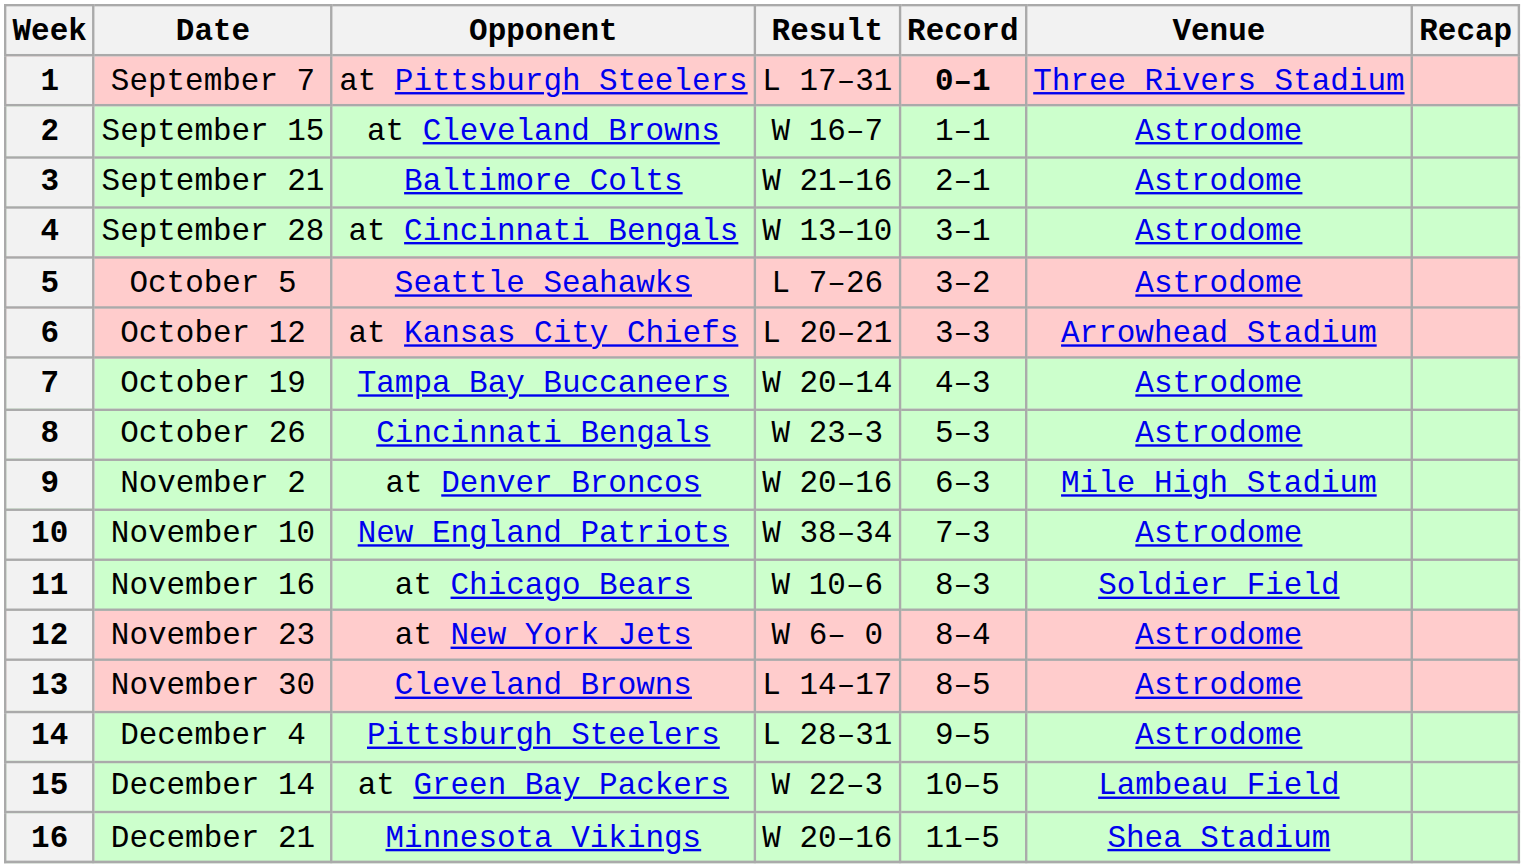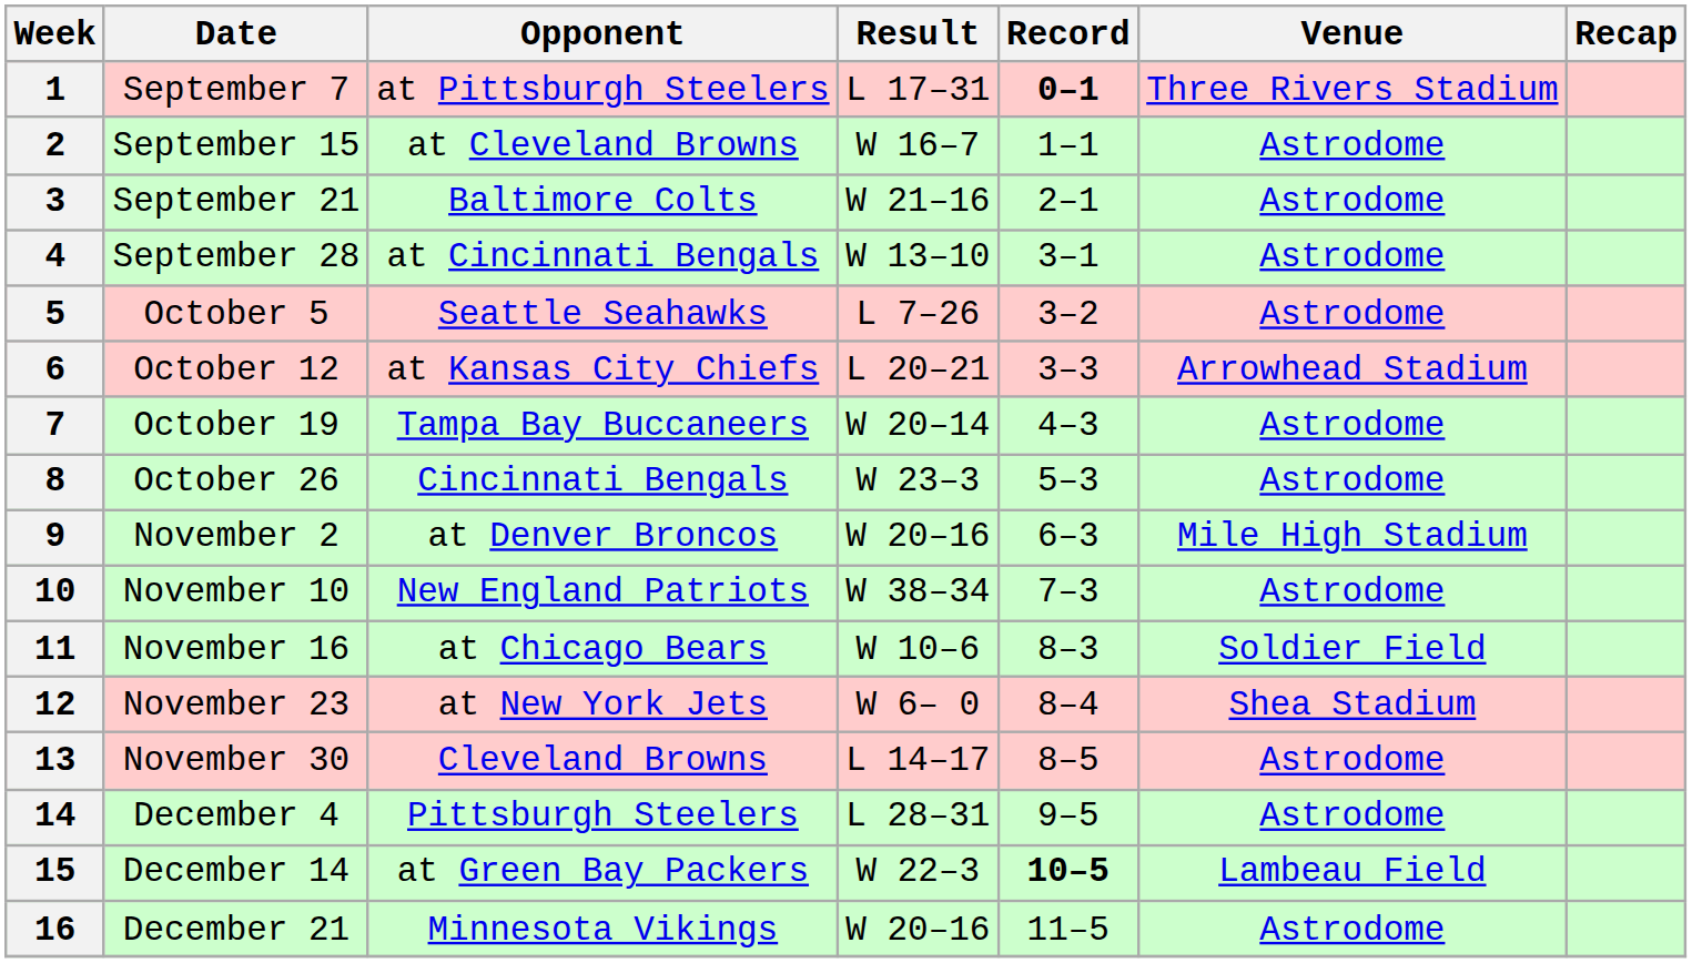 <table class="wikitable" style="text-align:center">
 <tr>
 <th>Week</th>
 <th>Date</th>
 <th>Opponent</th>
 <th>Result</th>
 <th>Record</th>
 <th>Venue</th>
 <th>Recap</th>
 </tr>
 <tr align="center" bgcolor="ffcccc">
 <th>1</th>
 <td>September 7</td>
 <td>at <a href='#'>Pittsburgh Steelers</a></td>
 <td>L 17–31</td>
 <td><strong>0–1</strong></td>
 <td><a href='#'>Three Rivers Stadium</a></td>
 <td></td>
 </tr>
 <tr align="center" bgcolor="ccffcc">
 <th>2</th>
 <td>September 15</td>
 <td>at <a href='#'>Cleveland Browns</a></td>
 <td>W 16–7</td>
 <td>1–1</td>
 <td><a href='#'>Astrodome</a></td>
 <td></td>
 </tr>
 <tr align="center" bgcolor="ccffcc">
 <th>3</th>
 <td>September 21</td>
 <td><a href='#'>Baltimore Colts</a></td>
 <td>W 21–16</td>
 <td>2–1</td>
 <td><a href='#'>Astrodome</a></td>
 <td></td>
 </tr>
 <tr align="center" bgcolor="ccffcc">
 <th>4</th>
 <td>September 28</td>
 <td>at <a href='#'>Cincinnati Bengals</a></td>
 <td>W 13–10</td>
 <td>3–1</td>
 <td><a href='#'>Astrodome</a></td>
 <td></td>
 </tr>
 <tr align="center" bgcolor="ffcccc">
 <th>5</th>
 <td>October 5</td>
 <td><a href='#'>Seattle Seahawks</a></td>
 <td>L 7–26</td>
 <td>3–2</td>
 <td><a href='#'>Astrodome</a></td>
 <td></td>
 </tr>
 <tr align="center" bgcolor="ffcccc">
 <th>6</th>
 <td>October 12</td>
 <td>at <a href='#'>Kansas City Chiefs</a></td>
 <td>L 20–21</td>
 <td>3–3</td>
 <td><a href='#'>Arrowhead Stadium</a></td>
 <td></td>
 </tr>
 <tr align="center" bgcolor="ccffcc">
 <th>7</th>
 <td>October 19</td>
 <td><a href='#'>Tampa Bay Buccaneers</a></td>
 <td>W 20–14</td>
 <td>4–3</td>
 <td><a href='#'>Astrodome</a></td>
 <td></td>
 </tr>
 <tr align="center" bgcolor="ccffcc">
 <th>8</th>
 <td>October 26</td>
 <td><a href='#'>Cincinnati Bengals</a></td>
 <td>W 23–3</td>
 <td>5–3</td>
 <td><a href='#'>Astrodome</a></td>
 <td></td>
 </tr>
 <tr align="center" bgcolor="ccffcc">
 <th>9</th>
 <td>November 2</td>
 <td>at <a href='#'>Denver Broncos</a></td>
 <td>W  20–16</td>
 <td>6–3</td>
 <td><a href='#'>Mile High Stadium</a></td>
 <td></td>
 </tr>
 <tr align="center" bgcolor="ccffcc">
 <th>10</th>
 <td>November 10</td>
 <td><a href='#'>New England Patriots</a></td>
 <td>W 38–34</td>
 <td>7–3</td>
 <td><a href='#'>Astrodome</a></td>
 <td></td>
 </tr>
 <tr align="center" bgcolor="ccffcc">
 <th>11</th>
 <td>November 16</td>
 <td>at <a href='#'>Chicago Bears</a></td>
 <td>W 10–6</td>
 <td>8–3</td>
 <td><a href='#'>Soldier Field</a></td>
 <td></td>
 </tr>
 <tr align="center" bgcolor="ffcccc">
 <th>12</th>
 <td>November 23</td>
 <td>at <a href='#'>New York Jets</a></td>
 <td>W 6– 0</td>
 <td>8–4</td>
-<td><a href='#'>Astrodome</a></td>
+<td><a href='#'>Shea Stadium</a></td>
 <td></td>
 </tr>
 <tr align="center" bgcolor="ffcccc">
 <th>13</th>
 <td>November 30</td>
 <td><a href='#'>Cleveland Browns</a></td>
 <td>L 14–17</td>
 <td>8–5</td>
 <td><a href='#'>Astrodome</a></td>
 <td></td>
 </tr>
 <tr align="center" bgcolor="ccffcc">
 <th>14</th>
 <td>December 4</td>
 <td><a href='#'>Pittsburgh Steelers</a></td>
 <td>L 28–31</td>
 <td>9–5</td>
 <td><a href='#'>Astrodome</a></td>
 <td></td>
 </tr>
 <tr align="center" bgcolor="ccffcc">
 <th>15</th>
 <td>December 14</td>
 <td>at <a href='#'>Green Bay Packers</a></td>
 <td>W 22–3</td>
-<td>10–5</td>
+<td><strong>10–5</strong></td>
 <td><a href='#'>Lambeau Field</a></td>
 <td></td>
 </tr>
 <tr align="center" bgcolor="ccffcc">
 <th>16</th>
 <td>December 21</td>
 <td><a href='#'>Minnesota Vikings</a></td>
 <td>W 20–16</td>
 <td>11–5</td>
-<td><a href='#'>Shea Stadium</a></td>
+<td><a href='#'>Astrodome</a></td>
 <td></td>
 </tr>
 <tr align="center" bgcolor="">
 </tr>
 </table>
